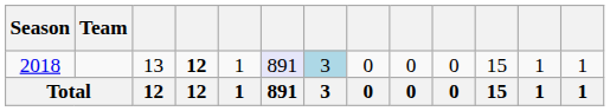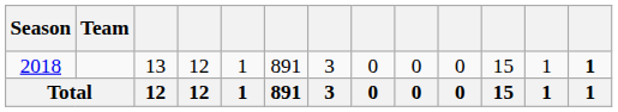 <table class="wikitable" style="text-align:center; line-height:90%; font-size:95%;">
 <tr style="line-height:175%;">
 <th>Season</th>
 <th>Team</th>
 <th style="width:25px;"></th>
 <th style="width:25px;"></th>
 <th style="width:25px;"></th>
 <th style="width:25px;"></th>
 <th style="width:25px;"></th>
 <th style="width:25px;"></th>
 <th style="width:25px;"></th>
 <th style="width:25px;"></th>
 <th style="width:25px;"></th>
 <th style="width:25px;"></th>
 <th style="width:25px;"></th>
 </tr>
 <tr>
 <td><a href='#'>2018</a></td>
 <td></td>
 <td>13</td>
-<td><strong>12</strong></td>
+<td>12</td>
 <td>1</td>
-<td style="background: lavender;">891</td>
-<td style="background: lightblue;">3</td>
+<td>891</td>
+<td>3</td>
 <td>0</td>
 <td>0</td>
 <td>0</td>
 <td>15</td>
 <td>1</td>
-<td>1</td>
+<td><strong>1</strong></td>
 </tr>
 <tr>
 <th colspan="2">Total</th>
 <th>12</th>
 <th>12</th>
 <th>1</th>
 <th>891</th>
 <th>3</th>
 <th>0</th>
 <th>0</th>
 <th>0</th>
 <th>15</th>
 <th>1</th>
 <th>1</th>
 </tr>
 </table>
